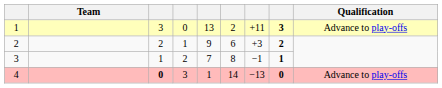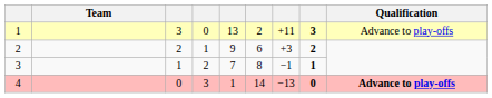 <table class="wikitable" style="text-align:center" width="700">
 <tr>
 <th width="5%"></th>
 <th width="25%">Team</th>
 <th width="5%"></th>
 <th width="5%"></th>
 <th width="5%"></th>
 <th width="5%"></th>
 <th width="5%"></th>
 <th width="5%"></th>
 <th width="30%">Qualification</th>
 </tr>
 <tr bgcolor=#ffffbb>
 <td>1</td>
 <td style="text-align:left"></td>
 <td>3</td>
 <td>0</td>
 <td>13</td>
 <td>2</td>
 <td>+11</td>
 <td><strong>3</strong></td>
 <td>Advance to <a href='#'>play-offs</a></td>
 </tr>
 <tr>
 <td>2</td>
 <td style="text-align:left"></td>
 <td>2</td>
 <td>1</td>
 <td>9</td>
 <td>6</td>
 <td>+3</td>
 <td><strong>2</strong></td>
 <td rowspan="2"></td>
 </tr>
 <tr>
 <td>3</td>
 <td style="text-align:left"></td>
 <td>1</td>
 <td>2</td>
 <td>7</td>
 <td>8</td>
 <td>−1</td>
 <td><strong>1</strong></td>
 </tr>
 <tr bgcolor=#ffbbbb>
 <td>4</td>
 <td style="text-align:left"></td>
-<td><strong>0</strong></td>
+<td>0</td>
 <td>3</td>
 <td>1</td>
 <td>14</td>
 <td>−13</td>
 <td><strong>0</strong></td>
-<td>Advance to <a href='#'>play-offs</a></td>
+<td><strong>Advance to <a href='#'>play-offs</a></strong></td>
 </tr>
 </table>
